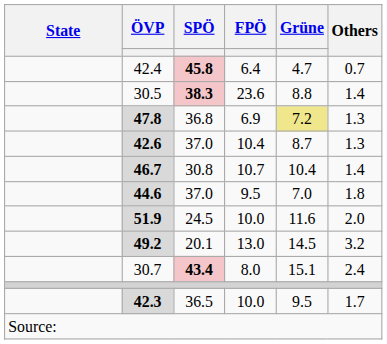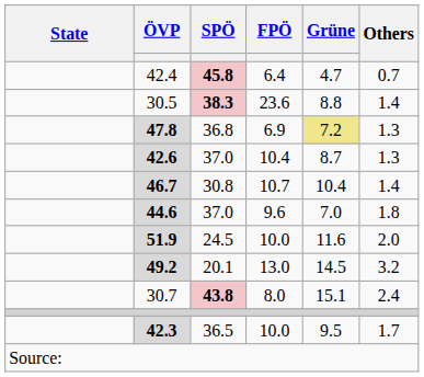 <table class="wikitable sortable" style="text-align:center;font-size:90%;line-height:16px">
 <tr style="height:40px;">
 <th style="width:100px;" rowspan="2"><a href='#'>State</a></th>
 <th style="width:40px;"><a href='#'>ÖVP</a></th>
 <th style="width:40px;"><a href='#'>SPÖ</a></th>
 <th style="width:40px;"><a href='#'>FPÖ</a></th>
 <th style="width:40px;"><a href='#'>Grüne</a></th>
 <th class="unsortable" style="width:40px;" rowspan="2">Others</th>
 </tr>
 <tr>
 <th style="background:"></th>
 <th style="background:"></th>
 <th style="background:"></th>
 <th style="background:"></th>
 </tr>
 <tr>
 <td align=left></td>
 <td>42.4</td>
 <td bgcolor=#F4C6C9><strong>45.8</strong></td>
 <td>6.4</td>
 <td>4.7</td>
 <td>0.7</td>
 </tr>
 <tr>
 <td align=left></td>
 <td>30.5</td>
 <td bgcolor=#F4C6C9><strong>38.3</strong></td>
 <td>23.6</td>
 <td>8.8</td>
 <td>1.4</td>
 </tr>
 <tr>
 <td align=left></td>
 <td bgcolor=#D9D9D9><strong>47.8</strong></td>
 <td>36.8</td>
 <td>6.9</td>
 <td style="background: khaki;">7.2</td>
 <td>1.3</td>
 </tr>
 <tr>
 <td align=left></td>
 <td bgcolor=#D9D9D9><strong>42.6</strong></td>
 <td>37.0</td>
 <td>10.4</td>
 <td>8.7</td>
 <td>1.3</td>
 </tr>
 <tr>
 <td align=left></td>
 <td bgcolor=#D9D9D9><strong>46.7</strong></td>
 <td>30.8</td>
 <td>10.7</td>
 <td>10.4</td>
 <td>1.4</td>
 </tr>
 <tr>
 <td align=left></td>
 <td bgcolor=#D9D9D9><strong>44.6</strong></td>
 <td>37.0</td>
-<td>9.5</td>
+<td>9.6</td>
 <td>7.0</td>
 <td>1.8</td>
 </tr>
 <tr>
 <td align=left></td>
 <td bgcolor=#D9D9D9><strong>51.9</strong></td>
 <td>24.5</td>
 <td>10.0</td>
 <td>11.6</td>
 <td>2.0</td>
 </tr>
 <tr>
 <td align=left></td>
 <td bgcolor=#D9D9D9><strong>49.2</strong></td>
 <td>20.1</td>
 <td>13.0</td>
 <td>14.5</td>
 <td>3.2</td>
 </tr>
 <tr>
 <td align=left></td>
 <td>30.7</td>
-<td bgcolor=#F4C6C9><strong>43.4</strong></td>
+<td bgcolor=#F4C6C9><strong>43.8</strong></td>
 <td>8.0</td>
 <td>15.1</td>
 <td>2.4</td>
 </tr>
 <tr>
 <td colspan=10 bgcolor=lightgrey></td>
 </tr>
 <tr>
 <td align=left></td>
 <td bgcolor=#D9D9D9><strong>42.3</strong></td>
 <td>36.5</td>
 <td>10.0</td>
 <td>9.5</td>
 <td>1.7</td>
 </tr>
 <tr class=sortbottom>
 <td colspan=10 align=left>Source: </td>
 </tr>
 </table>
